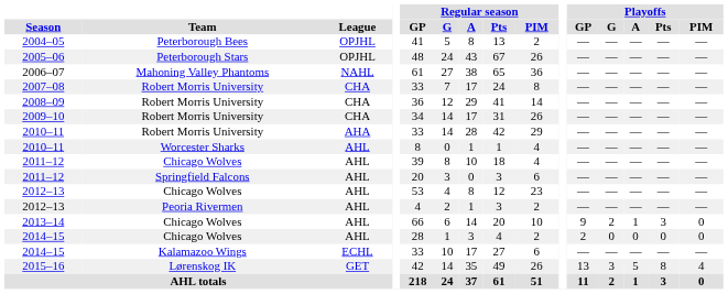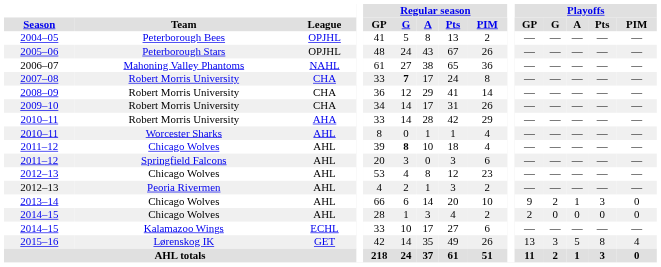 <table border="0" cellpadding="1" cellspacing="0" style="text-align:center; width:60em">
 <tr bgcolor="#e0e0e0">
 <th colspan="3" bgcolor="#ffffff"> </th>
 <th rowspan="99" bgcolor="#ffffff"> </th>
 <th colspan="5"><a href='#'>Regular season</a></th>
 <th rowspan="99" bgcolor="#ffffff"> </th>
 <th colspan="5"><a href='#'>Playoffs</a></th>
 </tr>
 <tr bgcolor="#e0e0e0">
 <th><a href='#'>Season</a></th>
 <th>Team</th>
 <th>League</th>
 <th>GP</th>
 <th><a href='#'>G</a></th>
 <th><a href='#'>A</a></th>
 <th><a href='#'>Pts</a></th>
 <th><a href='#'>PIM</a></th>
 <th>GP</th>
 <th>G</th>
 <th>A</th>
 <th>Pts</th>
 <th>PIM</th>
 </tr>
 <tr>
 <td><a href='#'>2004–05</a></td>
 <td><a href='#'>Peterborough Bees</a></td>
 <td><a href='#'>OPJHL</a></td>
 <td>41</td>
 <td>5</td>
 <td>8</td>
 <td>13</td>
 <td>2</td>
 <td>—</td>
 <td>—</td>
 <td>—</td>
 <td>—</td>
 <td>—</td>
 </tr>
 <tr bgcolor="#f0f0f0">
 <td><a href='#'>2005–06</a></td>
 <td><a href='#'>Peterborough Stars</a></td>
 <td>OPJHL</td>
 <td>48</td>
 <td>24</td>
 <td>43</td>
 <td>67</td>
 <td>26</td>
 <td>—</td>
 <td>—</td>
 <td>—</td>
 <td>—</td>
 <td>—</td>
 </tr>
 <tr>
 <td>2006–07</td>
 <td><a href='#'>Mahoning Valley Phantoms</a></td>
 <td><a href='#'>NAHL</a></td>
 <td>61</td>
 <td>27</td>
 <td>38</td>
 <td>65</td>
 <td>36</td>
 <td>—</td>
 <td>—</td>
 <td>—</td>
 <td>—</td>
 <td>—</td>
 </tr>
 <tr bgcolor="#f0f0f0">
 <td><a href='#'>2007–08</a></td>
 <td><a href='#'>Robert Morris University</a></td>
 <td><a href='#'>CHA</a></td>
 <td>33</td>
-<td>7</td>
+<td><strong>7</strong></td>
 <td>17</td>
 <td>24</td>
 <td>8</td>
 <td>—</td>
 <td>—</td>
 <td>—</td>
 <td>—</td>
 <td>—</td>
 </tr>
 <tr>
 <td><a href='#'>2008–09</a></td>
 <td>Robert Morris University</td>
 <td>CHA</td>
 <td>36</td>
 <td>12</td>
 <td>29</td>
 <td>41</td>
 <td>14</td>
 <td>—</td>
 <td>—</td>
 <td>—</td>
 <td>—</td>
 <td>—</td>
 </tr>
 <tr bgcolor="#f0f0f0">
 <td><a href='#'>2009–10</a></td>
 <td>Robert Morris University</td>
 <td>CHA</td>
 <td>34</td>
 <td>14</td>
 <td>17</td>
 <td>31</td>
 <td>26</td>
 <td>—</td>
 <td>—</td>
 <td>—</td>
 <td>—</td>
 <td>—</td>
 </tr>
 <tr>
 <td><a href='#'>2010–11</a></td>
 <td>Robert Morris University</td>
 <td><a href='#'>AHA</a></td>
 <td>33</td>
 <td>14</td>
 <td>28</td>
 <td>42</td>
 <td>29</td>
 <td>—</td>
 <td>—</td>
 <td>—</td>
 <td>—</td>
 <td>—</td>
 </tr>
 <tr bgcolor="#f0f0f0">
 <td><a href='#'>2010–11</a></td>
 <td><a href='#'>Worcester Sharks</a></td>
 <td><a href='#'>AHL</a></td>
 <td>8</td>
 <td>0</td>
 <td>1</td>
 <td>1</td>
 <td>4</td>
 <td>—</td>
 <td>—</td>
 <td>—</td>
 <td>—</td>
 <td>—</td>
 </tr>
 <tr>
 <td><a href='#'>2011–12</a></td>
 <td><a href='#'>Chicago Wolves</a></td>
 <td>AHL</td>
 <td>39</td>
-<td>8</td>
+<td><strong>8</strong></td>
 <td>10</td>
 <td>18</td>
 <td>4</td>
 <td>—</td>
 <td>—</td>
 <td>—</td>
 <td>—</td>
 <td>—</td>
 </tr>
 <tr bgcolor="#f0f0f0">
 <td><a href='#'>2011–12</a></td>
 <td><a href='#'>Springfield Falcons</a></td>
 <td>AHL</td>
 <td>20</td>
 <td>3</td>
 <td>0</td>
 <td>3</td>
 <td>6</td>
 <td>—</td>
 <td>—</td>
 <td>—</td>
 <td>—</td>
 <td>—</td>
 </tr>
 <tr>
 <td><a href='#'>2012–13</a></td>
 <td>Chicago Wolves</td>
 <td>AHL</td>
 <td>53</td>
 <td>4</td>
 <td>8</td>
 <td>12</td>
 <td>23</td>
 <td>—</td>
 <td>—</td>
 <td>—</td>
 <td>—</td>
 <td>—</td>
 </tr>
 <tr bgcolor="#f0f0f0">
 <td>2012–13</td>
 <td><a href='#'>Peoria Rivermen</a></td>
 <td>AHL</td>
 <td>4</td>
 <td>2</td>
 <td>1</td>
 <td>3</td>
 <td>2</td>
 <td>—</td>
 <td>—</td>
 <td>—</td>
 <td>—</td>
 <td>—</td>
 </tr>
 <tr>
 <td><a href='#'>2013–14</a></td>
 <td>Chicago Wolves</td>
 <td>AHL</td>
 <td>66</td>
 <td>6</td>
 <td>14</td>
 <td>20</td>
 <td>10</td>
 <td>9</td>
 <td>2</td>
 <td>1</td>
 <td>3</td>
 <td>0</td>
 </tr>
 <tr bgcolor="#f0f0f0">
 <td><a href='#'>2014–15</a></td>
 <td>Chicago Wolves</td>
 <td>AHL</td>
 <td>28</td>
 <td>1</td>
 <td>3</td>
 <td>4</td>
 <td>2</td>
 <td>2</td>
 <td>0</td>
 <td>0</td>
 <td>0</td>
 <td>0</td>
 </tr>
 <tr>
 <td><a href='#'>2014–15</a></td>
 <td><a href='#'>Kalamazoo Wings</a></td>
 <td><a href='#'>ECHL</a></td>
 <td>33</td>
 <td>10</td>
 <td>17</td>
 <td>27</td>
 <td>6</td>
 <td>—</td>
 <td>—</td>
 <td>—</td>
 <td>—</td>
 <td>—</td>
 </tr>
 <tr bgcolor="#f0f0f0">
 <td><a href='#'>2015–16</a></td>
 <td><a href='#'>Lørenskog IK</a></td>
 <td><a href='#'>GET</a></td>
 <td>42</td>
 <td>14</td>
 <td>35</td>
 <td>49</td>
 <td>26</td>
 <td>13</td>
 <td>3</td>
 <td>5</td>
 <td>8</td>
 <td>4</td>
 </tr>
 <tr ALIGN="center" bgcolor="#e0e0e0">
 <th colspan="3">AHL totals</th>
 <th>218</th>
 <th>24</th>
 <th>37</th>
 <th>61</th>
 <th>51</th>
 <th>11</th>
 <th>2</th>
 <th>1</th>
 <th>3</th>
 <th>0</th>
 </tr>
 </table>
